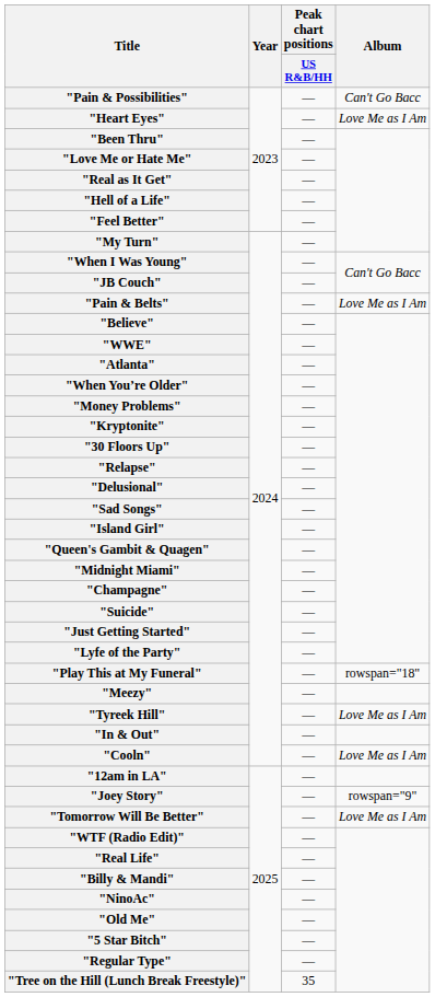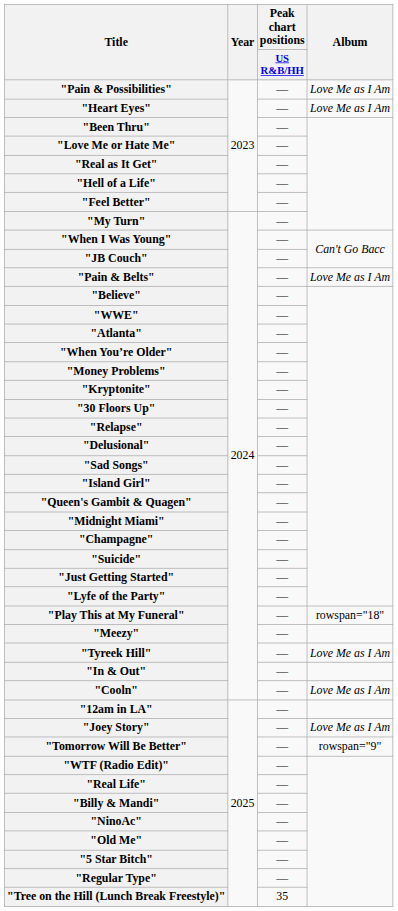 <table class="wikitable plainrowheaders" style="text-align:center">
 <tr>
 <th scope="col" rowspan="2">Title</th>
 <th scope="col" rowspan="2">Year</th>
 <th scope="col">Peak chart positions</th>
 <th scope="col" rowspan="2">Album</th>
 </tr>
 <tr>
 <th scope="col" style="width:3em;font-size:90%"><a href='#'>US<br>R&B/HH</a><br></th>
 </tr>
 <tr>
 <th scope="row">"Pain & Possibilities"</th>
 <td rowspan="7">2023</td>
 <td>—</td>
-<td><em>Can't Go Bacc</em></td>
+<td><em>Love Me as I Am</em></td>
 </tr>
 <tr>
 <th scope="row">"Heart Eyes"</th>
 <td>—</td>
 <td><em>Love Me as I Am</em></td>
 </tr>
 <tr>
 <th scope="row">"Been Thru"</th>
 <td>—</td>
 </tr>
 <tr>
 <th scope="row">"Love Me or Hate Me"</th>
 <td>—</td>
 </tr>
 <tr>
 <th scope="row">"Real as It Get"</th>
 <td>—</td>
 </tr>
 <tr>
 <th scope="row">"Hell of a Life"</th>
 <td>—</td>
 </tr>
 <tr>
 <th scope="row">"Feel Better"</th>
 <td>—</td>
 </tr>
 <tr>
 <th scope="row">"My Turn"</th>
 <td rowspan="26">2024</td>
 <td>—</td>
 </tr>
 <tr>
 <th scope="row">"When I Was Young"</th>
 <td>—</td>
 <td rowspan="2"><em>Can't Go Bacc</em></td>
 </tr>
 <tr>
 <th scope="row">"JB Couch"</th>
 <td>—</td>
 </tr>
 <tr>
 <th scope="row">"Pain & Belts"</th>
 <td>—</td>
 <td><em>Love Me as I Am</em></td>
 </tr>
 <tr>
 <th scope="row">"Believe"</th>
 <td>—</td>
 </tr>
 <tr>
 <th scope="row">"WWE"</th>
 <td>—</td>
 </tr>
 <tr>
 <th scope="row">"Atlanta"</th>
 <td>—</td>
 </tr>
 <tr>
 <th scope="row">"When You’re Older"</th>
 <td>—</td>
 </tr>
 <tr>
 <th scope="row">"Money Problems"</th>
 <td>—</td>
 </tr>
 <tr>
 <th scope="row">"Kryptonite"</th>
 <td>—</td>
 </tr>
 <tr>
 <th scope="row">"30 Floors Up"</th>
 <td>—</td>
 </tr>
 <tr>
 <th scope="row">"Relapse"</th>
 <td>—</td>
 </tr>
 <tr>
 <th scope="row">"Delusional"</th>
 <td>—</td>
 </tr>
 <tr>
 <th scope="row">"Sad Songs"<br></th>
 <td>—</td>
 </tr>
 <tr>
 <th scope="row">"Island Girl"</th>
 <td>—</td>
 </tr>
 <tr>
 <th scope="row">"Queen's Gambit & Quagen"</th>
 <td>—</td>
 </tr>
 <tr>
 <th scope="row">"Midnight Miami"</th>
 <td>—</td>
 </tr>
 <tr>
 <th scope="row">"Champagne"</th>
 <td>—</td>
 </tr>
 <tr>
 <th scope="row">"Suicide"</th>
 <td>—</td>
 </tr>
 <tr>
 <th scope="row">"Just Getting Started"</th>
 <td>—</td>
 </tr>
 <tr>
 <th scope="row">"Lyfe of the Party"</th>
 <td>—</td>
 </tr>
 <tr>
 <th scope="row">"Play This at My Funeral"</th>
 <td>—</td>
 <td>rowspan="18" </td>
 </tr>
 <tr>
 <th scope="row">"Meezy"</th>
 <td>—</td>
 <td></td>
 </tr>
 <tr>
 <th scope="row">"Tyreek Hill"</th>
 <td>—</td>
 <td><em>Love Me as I Am</em></td>
 </tr>
 <tr>
 <th scope="row">"In & Out"<br></th>
 <td>—</td>
 <td></td>
 </tr>
 <tr>
 <th scope="row">"Cooln"</th>
 <td>—</td>
 <td><em>Love Me as I Am</em></td>
 </tr>
 <tr>
 <th scope="row">"12am in LA"</th>
 <td rowspan="11">2025</td>
 <td>—</td>
 <td></td>
 </tr>
 <tr>
 <th scope="row">"Joey Story"</th>
 <td>—</td>
-<td>rowspan="9" </td>
+<td><em>Love Me as I Am</em></td>
 </tr>
 <tr>
 <th scope="row">"Tomorrow Will Be Better"</th>
 <td>—</td>
-<td><em>Love Me as I Am</em></td>
+<td>rowspan="9" </td>
 </tr>
 <tr>
 <th scope="row">"WTF (Radio Edit)"</th>
 <td>—</td>
 </tr>
 <tr>
 <th scope="row">"Real Life"</th>
 <td>—</td>
 </tr>
 <tr>
 <th scope="row">"Billy & Mandi"</th>
 <td>—</td>
 </tr>
 <tr>
 <th scope="row">"NinoAc"</th>
 <td>—</td>
 </tr>
 <tr>
 <th scope="row">"Old Me"</th>
 <td>—</td>
 </tr>
 <tr>
 <th scope="row">"5 Star Bitch"</th>
 <td>—</td>
 </tr>
 <tr>
 <th scope="row">"Regular Type"</th>
 <td>—</td>
 </tr>
 <tr>
 <th scope="row">"Tree on the Hill (Lunch Break Freestyle)"</th>
 <td>35</td>
 </tr>
 </table>
